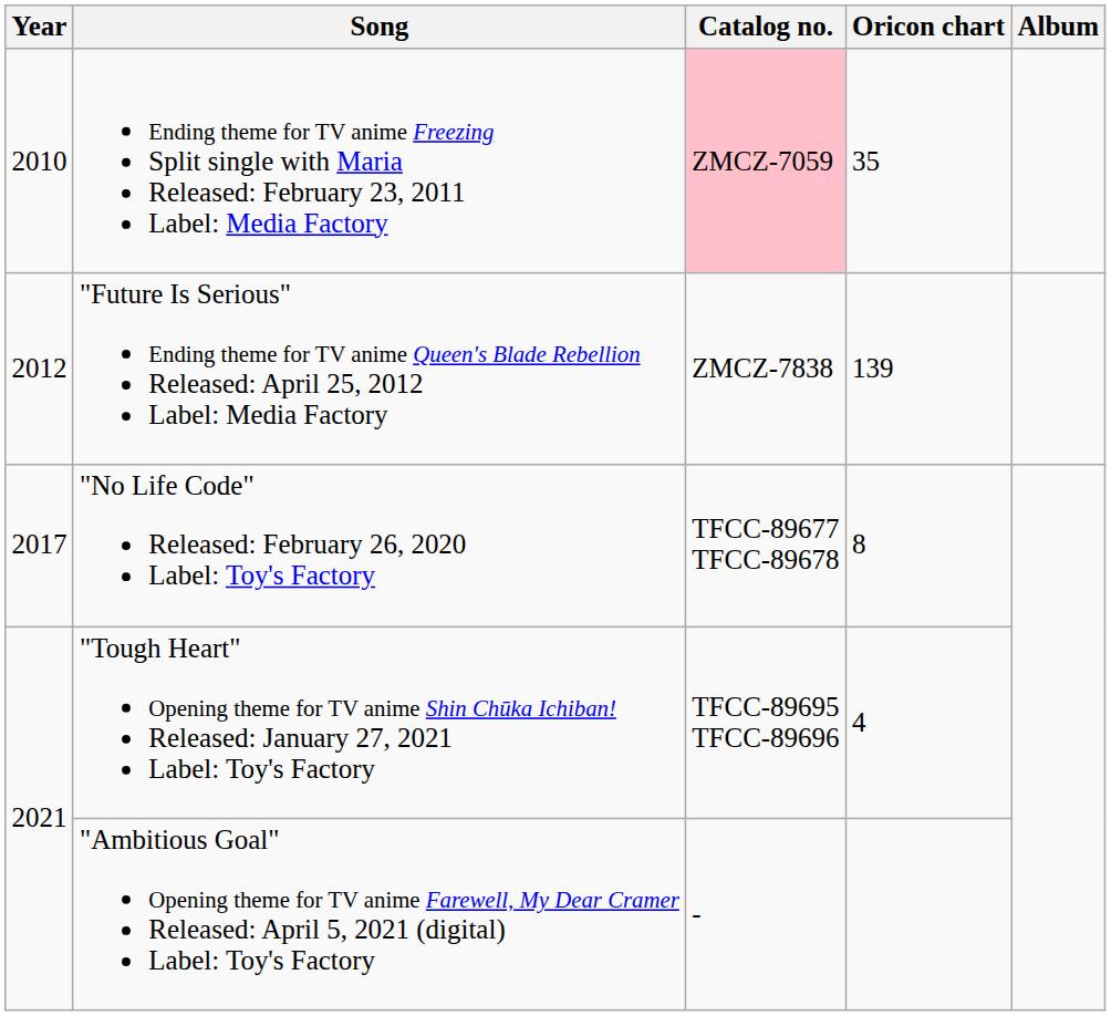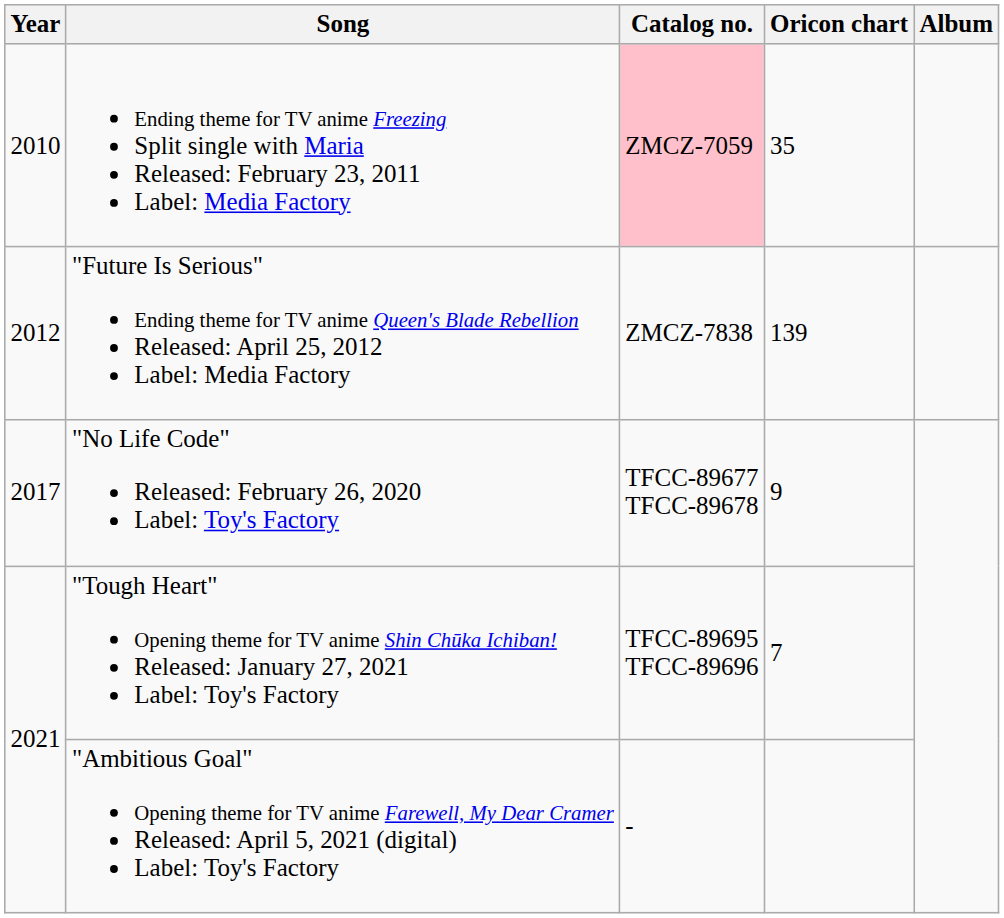 <table class="wikitable" border="1">
 <tr>
 <th scope="col">Year</th>
 <th scope="col">Song</th>
 <th scope="col">Catalog no.</th>
 <th scope="col">Oricon chart</th>
 <th scope="col">Album</th>
 </tr>
 <tr>
 <td>2010</td>
 <td><br><ul><li><small>Ending theme for TV anime <em><a href='#'>Freezing</a></em></small></li><li>Split single with <a href='#'>Maria</a></li><li>Released: February 23, 2011</li><li>Label: <a href='#'>Media Factory</a></li></ul></td>
 <td style="background: pink;">ZMCZ-7059</td>
 <td>35</td>
 <td></td>
 </tr>
 <tr>
 <td>2012</td>
 <td>"Future Is Serious"<br><ul><li><small>Ending theme for TV anime <em><a href='#'>Queen's Blade Rebellion</a></em></small></li><li>Released: April 25, 2012</li><li>Label: Media Factory</li></ul></td>
 <td>ZMCZ-7838</td>
 <td>139</td>
 <td></td>
 </tr>
 <tr>
 <td>2017</td>
 <td>"No Life Code"<br><ul><li>Released: February 26, 2020</li><li>Label: <a href='#'>Toy's Factory</a></li></ul></td>
 <td>TFCC-89677<br>TFCC-89678</td>
-<td>8</td>
+<td>9</td>
 <td rowspan="3"></td>
 </tr>
 <tr>
 <td rowspan="2">2021</td>
 <td>"Tough Heart"<br><ul><li><small>Opening theme for TV anime <em><a href='#'>Shin Chūka Ichiban!</a></em></small></li><li>Released: January 27, 2021</li><li>Label: Toy's Factory</li></ul></td>
 <td>TFCC-89695<br>TFCC-89696</td>
-<td>4</td>
+<td>7</td>
 </tr>
 <tr>
 <td>"Ambitious Goal"<br><ul><li><small>Opening theme for TV anime <em><a href='#'>Farewell, My Dear Cramer</a></em></small></li><li>Released: April 5, 2021 (digital)</li><li>Label: Toy's Factory</li></ul></td>
 <td>-</td>
 </tr>
 </table>
